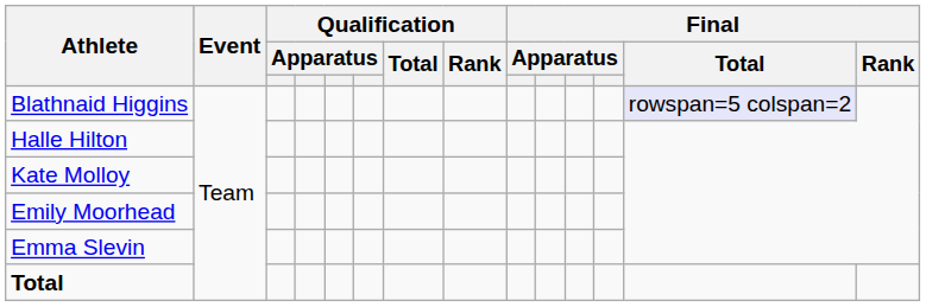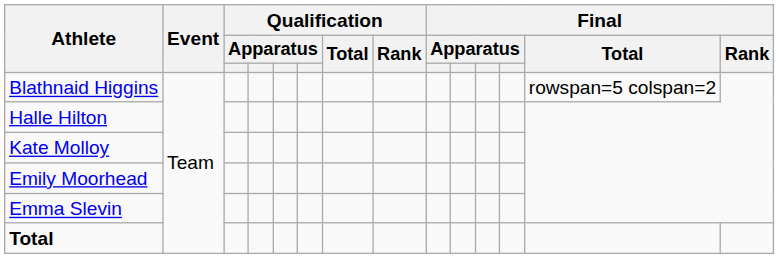 <table class="wikitable" style="font-size:90%">
 <tr>
 <th rowspan=3>Athlete</th>
 <th rowspan=3>Event</th>
 <th colspan=6>Qualification</th>
 <th colspan=6>Final</th>
 </tr>
 <tr style="font-size:95%">
 <th colspan=4>Apparatus</th>
 <th rowspan=2>Total</th>
 <th rowspan=2>Rank</th>
 <th colspan=4>Apparatus</th>
 <th rowspan=2>Total</th>
 <th rowspan=2>Rank</th>
 </tr>
 <tr style="font-size:95%">
 <th></th>
 <th></th>
 <th></th>
 <th></th>
 <th></th>
 <th></th>
 <th></th>
 <th></th>
 </tr>
 <tr align=center>
 <td align=left><a href='#'>Blathnaid Higgins</a></td>
 <td align=left rowspan=6>Team</td>
 <td></td>
 <td></td>
 <td></td>
 <td></td>
 <td></td>
 <td></td>
 <td></td>
 <td></td>
 <td></td>
 <td></td>
-<td style="background: lavender;">rowspan=5 colspan=2</td>
+<td>rowspan=5 colspan=2</td>
 </tr>
 <tr align=center>
 <td align=left><a href='#'>Halle Hilton</a></td>
 <td></td>
 <td></td>
 <td></td>
 <td></td>
 <td></td>
 <td></td>
 <td></td>
 <td></td>
 <td></td>
 <td></td>
 </tr>
 <tr align=center>
 <td align=left><a href='#'>Kate Molloy</a></td>
 <td></td>
 <td></td>
 <td></td>
 <td></td>
 <td></td>
 <td></td>
 <td></td>
 <td></td>
 <td></td>
 <td></td>
 </tr>
 <tr align=center>
 <td align=left><a href='#'>Emily Moorhead</a></td>
 <td></td>
 <td></td>
 <td></td>
 <td></td>
 <td></td>
 <td></td>
 <td></td>
 <td></td>
 <td></td>
 <td></td>
 </tr>
 <tr align=center>
 <td align=left><a href='#'>Emma Slevin</a></td>
 <td></td>
 <td></td>
 <td></td>
 <td></td>
 <td></td>
 <td></td>
 <td></td>
 <td></td>
 <td></td>
 <td></td>
 </tr>
 <tr align=center>
 <td align=left><strong>Total</strong></td>
 <td></td>
 <td></td>
 <td></td>
 <td></td>
 <td></td>
 <td></td>
 <td></td>
 <td></td>
 <td></td>
 <td></td>
 <td></td>
 <td></td>
 </tr>
 </table>
